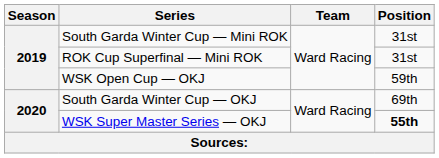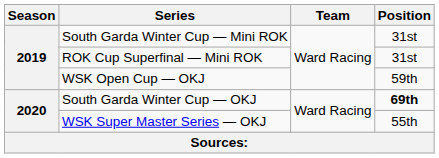 <table class="wikitable" style="font-size: 85%; text-align:center">
 <tr>
 <th>Season</th>
 <th>Series</th>
 <th>Team</th>
 <th>Position</th>
 </tr>
 <tr>
 <th rowspan="3">2019</th>
 <td align="left">South Garda Winter Cup — Mini ROK</td>
 <td rowspan="3" align="left">Ward Racing</td>
 <td>31st</td>
 </tr>
 <tr>
 <td align="left">ROK Cup Superfinal — Mini ROK</td>
 <td>31st</td>
 </tr>
 <tr>
 <td align="left">WSK Open Cup — OKJ</td>
 <td>59th</td>
 </tr>
 <tr>
 <th rowspan="2">2020</th>
 <td align="left">South Garda Winter Cup — OKJ</td>
 <td rowspan="2" align="left">Ward Racing</td>
-<td>69th</td>
+<td><strong>69th</strong></td>
 </tr>
 <tr>
 <td align="left"><a href='#'>WSK Super Master Series</a> — OKJ</td>
-<td><strong>55th</strong></td>
+<td>55th</td>
 </tr>
 <tr>
 <th colspan="4">Sources:</th>
 </tr>
 </table>
